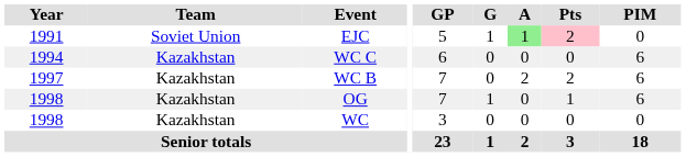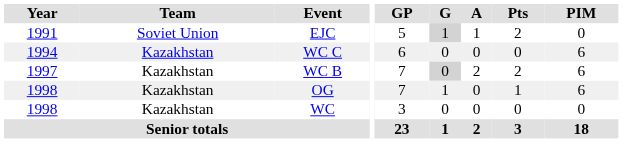 <table border="0" cellpadding="1" cellspacing="0" style="text-align:center; width:40em">
 <tr bgcolor="#e0e0e0">
 <th>Year</th>
 <th>Team</th>
 <th>Event</th>
 <th rowspan="99" bgcolor="#ffffff"></th>
 <th>GP</th>
 <th>G</th>
 <th>A</th>
 <th>Pts</th>
 <th>PIM</th>
 </tr>
 <tr>
 <td><a href='#'>1991</a></td>
 <td><a href='#'>Soviet Union</a></td>
 <td><a href='#'>EJC</a></td>
 <td>5</td>
+<td style="background: lightgrey;">1</td>
 <td>1</td>
-<td style="background: lightgreen;">1</td>
-<td style="background: pink;">2</td>
+<td>2</td>
 <td>0</td>
 </tr>
 <tr bgcolor="#f0f0f0">
 <td><a href='#'>1994</a></td>
 <td><a href='#'>Kazakhstan</a></td>
 <td><a href='#'>WC C</a></td>
 <td>6</td>
 <td>0</td>
 <td>0</td>
 <td>0</td>
 <td>6</td>
 </tr>
 <tr>
 <td><a href='#'>1997</a></td>
 <td>Kazakhstan</td>
 <td><a href='#'>WC B</a></td>
 <td>7</td>
-<td>0</td>
+<td style="background: lightgrey;">0</td>
 <td>2</td>
 <td>2</td>
 <td>6</td>
 </tr>
 <tr bgcolor="#f0f0f0">
 <td><a href='#'>1998</a></td>
 <td>Kazakhstan</td>
 <td><a href='#'>OG</a></td>
 <td>7</td>
 <td>1</td>
 <td>0</td>
 <td>1</td>
 <td>6</td>
 </tr>
 <tr>
 <td><a href='#'>1998</a></td>
 <td>Kazakhstan</td>
 <td><a href='#'>WC</a></td>
 <td>3</td>
 <td>0</td>
 <td>0</td>
 <td>0</td>
 <td>0</td>
 </tr>
 <tr bgcolor="#e0e0e0">
 <th colspan="3">Senior totals</th>
 <th>23</th>
 <th>1</th>
 <th>2</th>
 <th>3</th>
 <th>18</th>
 </tr>
 </table>
